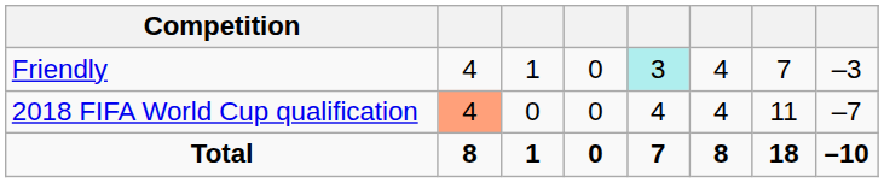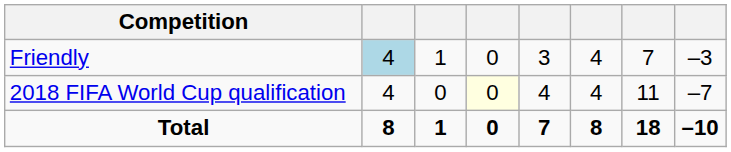 <table class="wikitable" style="text-align: center;">
 <tr>
 <th width=250>Competition</th>
 <th width=30></th>
 <th width=30></th>
 <th width=30></th>
 <th width=30></th>
 <th width=30></th>
 <th width=30></th>
 <th width=30></th>
 </tr>
 <tr>
 <td align=left><a href='#'>Friendly</a></td>
-<td>4</td>
+<td style="background: lightblue;">4</td>
 <td>1</td>
 <td>0</td>
-<td style="background: paleturquoise;">3</td>
+<td>3</td>
 <td>4</td>
 <td>7</td>
 <td>–3</td>
 </tr>
 <tr>
 <td align=left><a href='#'>2018 FIFA World Cup qualification</a></td>
-<td style="background: lightsalmon;">4</td>
+<td>4</td>
 <td>0</td>
-<td>0</td>
+<td style="background: lightyellow;">0</td>
 <td>4</td>
 <td>4</td>
 <td>11</td>
 <td>–7</td>
 </tr>
 <tr>
 <td><strong>Total</strong></td>
 <td><strong>8</strong></td>
 <td><strong>1</strong></td>
 <td><strong>0</strong></td>
 <td><strong>7</strong></td>
 <td><strong>8</strong></td>
 <td><strong>18</strong></td>
 <td><strong>–10</strong></td>
 </tr>
 </table>
